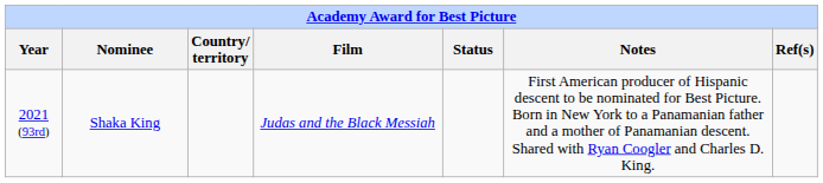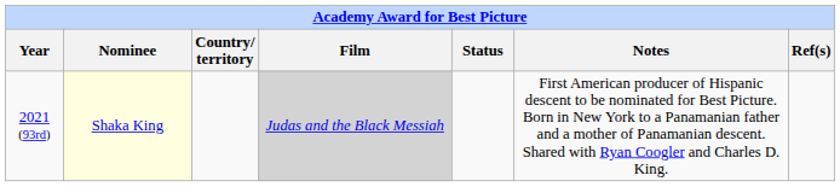 <table class="wikitable" style="text-align: center">
 <tr style="background:#bfd7ff;">
 <td colspan="7" style="text-align:center;"><strong><a href='#'>Academy Award for Best Picture</a></strong></td>
 </tr>
 <tr style="background:#ebf5ff;">
 <th style="width:75px;">Year</th>
 <th style="width:200px;">Nominee</th>
 <th style="width:50px;">Country/<br>territory</th>
 <th style="width:350px;">Film</th>
 <th style="width:75px;">Status</th>
 <th style="width:500px;">Notes</th>
 <th width="3">Ref(s)</th>
 </tr>
 <tr>
 <td style="text-align: center"><a href='#'>2021</a><br><small>(<a href='#'>93rd</a>)</small></td>
-<td><a href='#'>Shaka King</a></td>
+<td style="background: lightyellow;"><a href='#'>Shaka King</a></td>
 <td><div></div></td>
-<td><em><a href='#'>Judas and the Black Messiah</a></em></td>
+<td style="background: lightgrey;"><em><a href='#'>Judas and the Black Messiah</a></em></td>
 <td></td>
 <td>First American producer of Hispanic descent to be nominated for Best Picture.<br>Born in New York to a Panamanian father and a mother of Panamanian descent.<br> Shared with <a href='#'>Ryan Coogler</a> and Charles D. King.</td>
 <td style="text-align: center"></td>
 </tr>
 </table>
